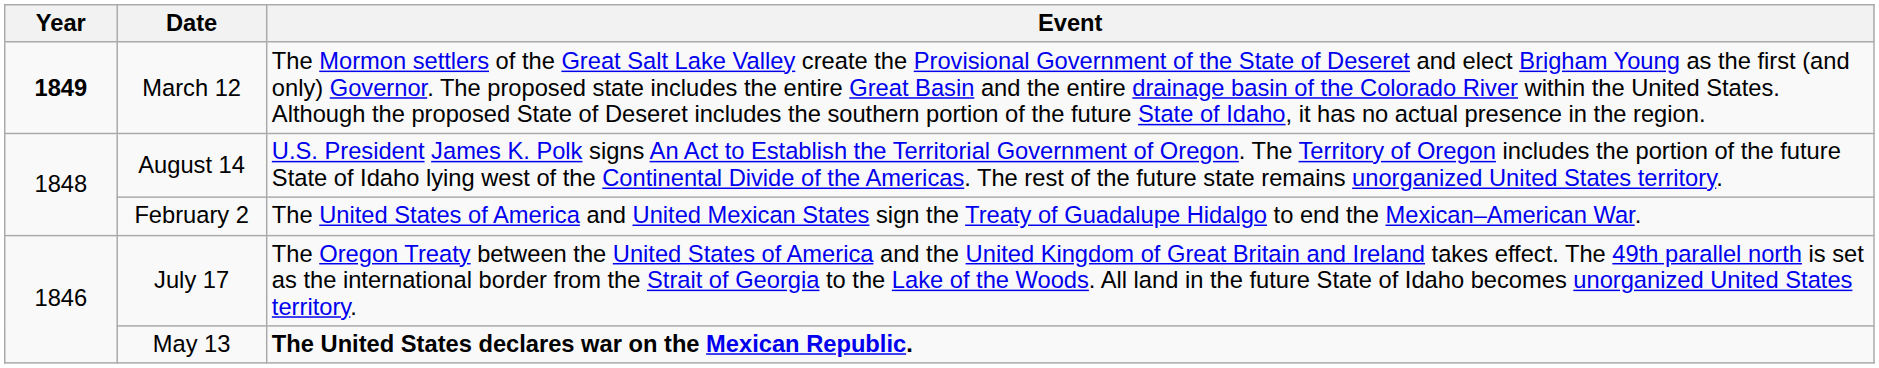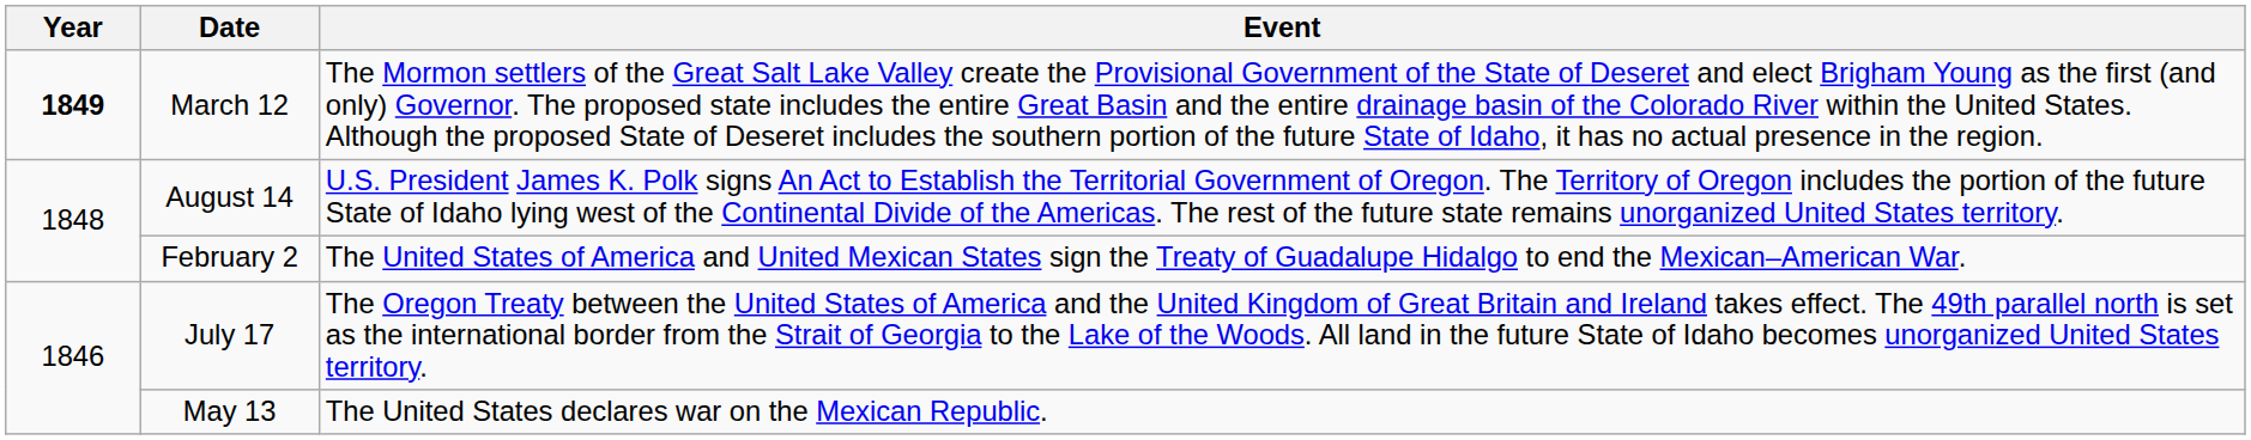 <table class="wikitable" style="width:100%;">
 <tr>
 <th style="width:6%">Year</th>
 <th style="width:8%">Date</th>
 <th style="width:86%">Event</th>
 </tr>
 <tr>
 <td align=center rowspan=1><strong>1849</strong></td>
 <td align=center>March 12</td>
 <td>The <a href='#'>Mormon settlers</a> of the <a href='#'>Great Salt Lake Valley</a> create the <a href='#'>Provisional Government of the State of Deseret</a> and elect <a href='#'>Brigham Young</a> as the first (and only) <a href='#'>Governor</a>. The proposed state includes the entire <a href='#'>Great Basin</a> and the entire <a href='#'>drainage basin of the Colorado River</a> within the United States. Although the proposed State of Deseret includes the southern portion of the future <a href='#'>State of Idaho</a>, it has no actual presence in the region.</td>
 </tr>
 <tr>
 <td align=center rowspan=2>1848</td>
 <td align=center>August 14</td>
 <td><a href='#'>U.S. President</a> <a href='#'>James K. Polk</a> signs <a href='#'>An Act to Establish the Territorial Government of Oregon</a>.  The <a href='#'>Territory of Oregon</a> includes the portion of the future State of Idaho lying west of the <a href='#'>Continental Divide of the Americas</a>. The rest of the future state remains <a href='#'>unorganized United States territory</a>.</td>
 </tr>
 <tr>
 <td align=center>February 2</td>
 <td>The <a href='#'>United States of America</a> and <a href='#'>United Mexican States</a> sign the <a href='#'>Treaty of Guadalupe Hidalgo</a> to end the <a href='#'>Mexican–American War</a>.</td>
 </tr>
 <tr>
 <td align=center rowspan=2>1846</td>
 <td align=center>July 17</td>
 <td>The <a href='#'>Oregon Treaty</a> between the <a href='#'>United States of America</a> and the <a href='#'>United Kingdom of Great Britain and Ireland</a> takes effect. The <a href='#'>49th parallel north</a> is set as the international border from the <a href='#'>Strait of Georgia</a> to the <a href='#'>Lake of the Woods</a>. All land in the future State of Idaho becomes <a href='#'>unorganized United States territory</a>.</td>
 </tr>
 <tr>
 <td align=center>May 13</td>
-<td><strong>The United States declares war on the <a href='#'>Mexican Republic</a>.</strong></td>
+<td>The United States declares war on the <a href='#'>Mexican Republic</a>.</td>
 </tr>
 </table>
